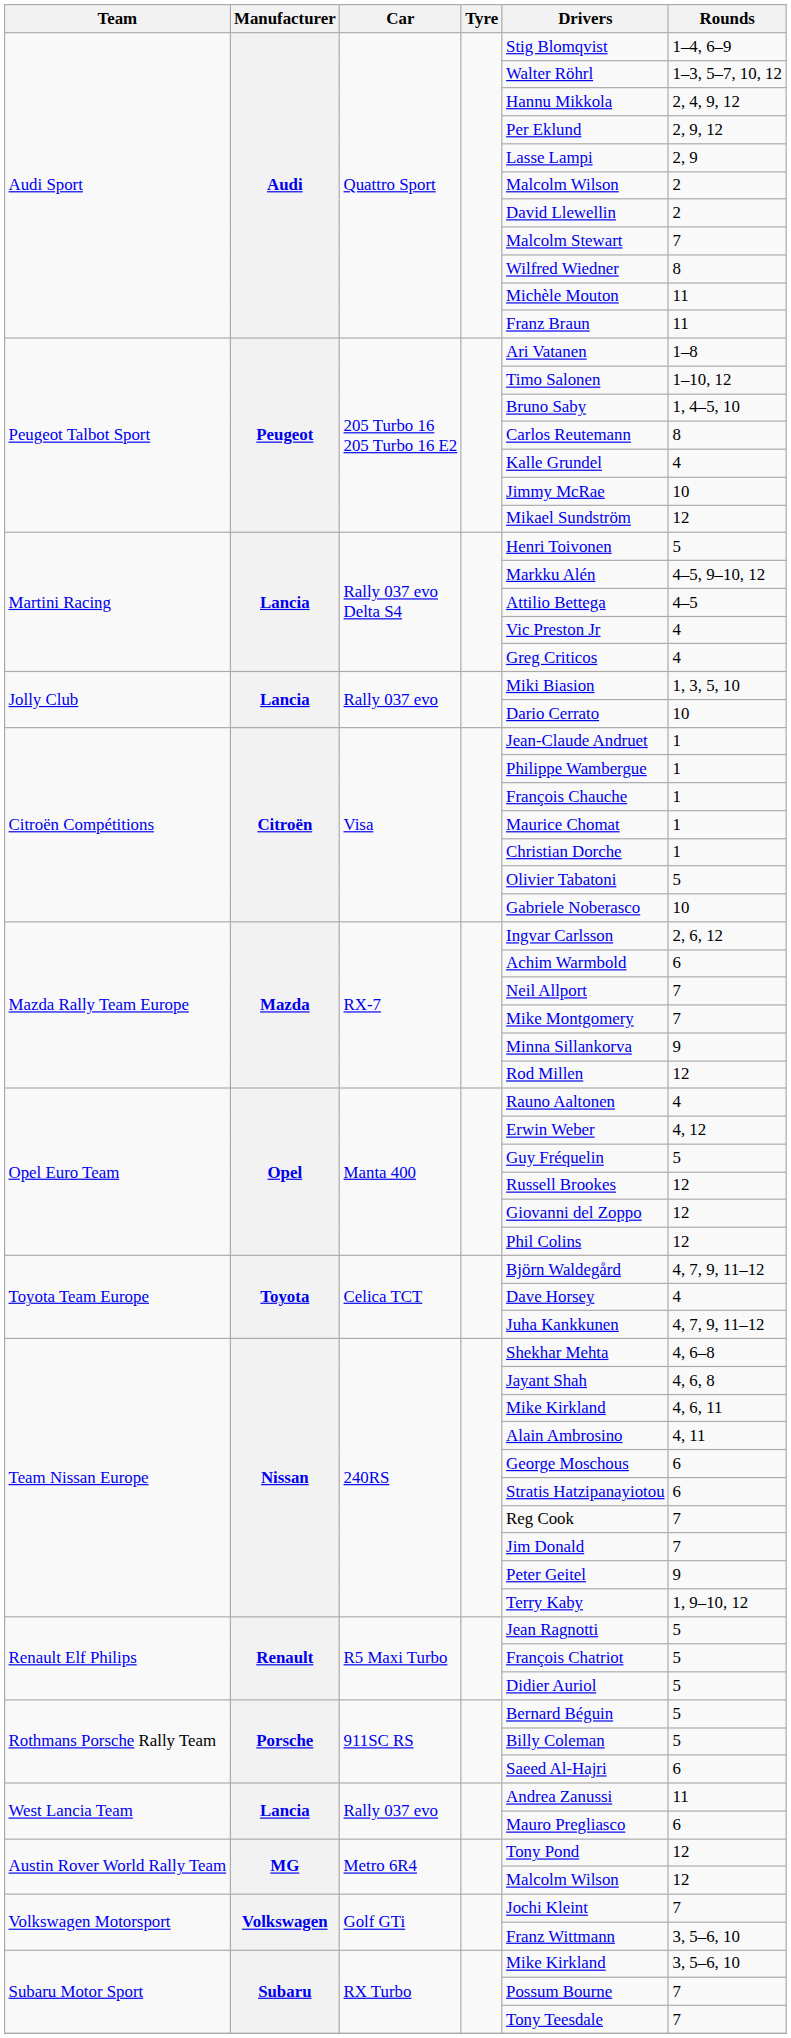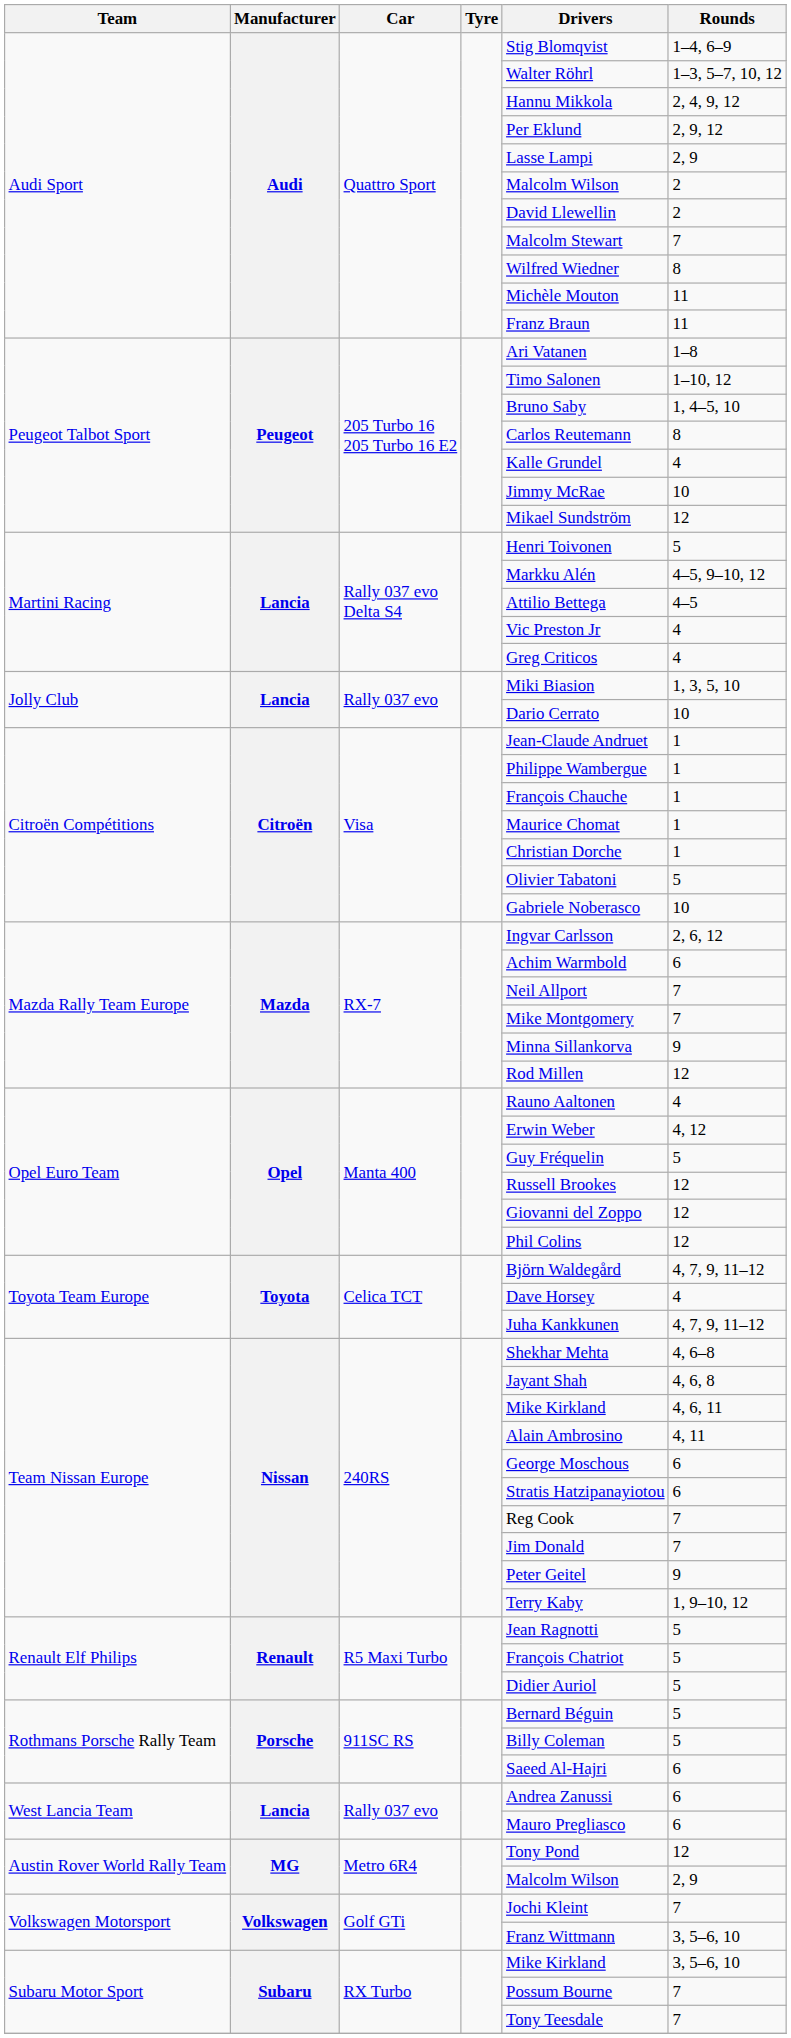 <table class="wikitable" style="font-size: 90%">
 <tr>
 <th>Team</th>
 <th>Manufacturer</th>
 <th>Car</th>
 <th>Tyre</th>
 <th>Drivers</th>
 <th>Rounds</th>
 </tr>
 <tr>
 <td rowspan="11"> <a href='#'>Audi Sport</a></td>
 <th rowspan="11"><a href='#'>Audi</a></th>
 <td rowspan="11"><a href='#'>Quattro Sport</a></td>
 <td rowspan="11" align="center"></td>
 <td> <a href='#'>Stig Blomqvist</a></td>
 <td>1–4, 6–9</td>
 </tr>
 <tr>
 <td> <a href='#'>Walter Röhrl</a></td>
 <td>1–3, 5–7, 10, 12</td>
 </tr>
 <tr>
 <td> <a href='#'>Hannu Mikkola</a></td>
 <td>2, 4, 9, 12</td>
 </tr>
 <tr>
 <td> <a href='#'>Per Eklund</a></td>
 <td>2, 9, 12</td>
 </tr>
 <tr>
 <td> <a href='#'>Lasse Lampi</a></td>
 <td>2, 9</td>
 </tr>
 <tr>
 <td> <a href='#'>Malcolm Wilson</a></td>
 <td>2</td>
 </tr>
 <tr>
 <td> <a href='#'>David Llewellin</a></td>
 <td>2</td>
 </tr>
 <tr>
 <td> <a href='#'>Malcolm Stewart</a></td>
 <td>7</td>
 </tr>
 <tr>
 <td> <a href='#'>Wilfred Wiedner</a></td>
 <td>8</td>
 </tr>
 <tr>
 <td> <a href='#'>Michèle Mouton</a></td>
 <td>11</td>
 </tr>
 <tr>
 <td> <a href='#'>Franz Braun</a></td>
 <td>11</td>
 </tr>
 <tr>
 <td rowspan="7"> <a href='#'>Peugeot Talbot Sport</a></td>
 <th rowspan="7"><a href='#'>Peugeot</a></th>
 <td rowspan="7"><a href='#'>205 Turbo 16</a><br><a href='#'>205 Turbo 16 E2</a></td>
 <td rowspan="7" align="center"></td>
 <td> <a href='#'>Ari Vatanen</a></td>
 <td>1–8</td>
 </tr>
 <tr>
 <td> <a href='#'>Timo Salonen</a></td>
 <td>1–10, 12</td>
 </tr>
 <tr>
 <td> <a href='#'>Bruno Saby</a></td>
 <td>1, 4–5, 10</td>
 </tr>
 <tr>
 <td> <a href='#'>Carlos Reutemann</a></td>
 <td>8</td>
 </tr>
 <tr>
 <td> <a href='#'>Kalle Grundel</a></td>
 <td>4</td>
 </tr>
 <tr>
 <td> <a href='#'>Jimmy McRae</a></td>
 <td>10</td>
 </tr>
 <tr>
 <td> <a href='#'>Mikael Sundström</a></td>
 <td>12</td>
 </tr>
 <tr>
 <td rowspan="5"> <a href='#'>Martini Racing</a></td>
 <th rowspan="5"><a href='#'>Lancia</a></th>
 <td rowspan="5"><a href='#'>Rally 037 evo</a><br><a href='#'>Delta S4</a></td>
 <td rowspan="5" align="center"></td>
 <td> <a href='#'>Henri Toivonen</a></td>
 <td>5</td>
 </tr>
 <tr>
 <td> <a href='#'>Markku Alén</a></td>
 <td>4–5, 9–10, 12</td>
 </tr>
 <tr>
 <td> <a href='#'>Attilio Bettega</a></td>
 <td>4–5</td>
 </tr>
 <tr>
 <td> <a href='#'>Vic Preston Jr</a></td>
 <td>4</td>
 </tr>
 <tr>
 <td> <a href='#'>Greg Criticos</a></td>
 <td>4</td>
 </tr>
 <tr>
 <td rowspan="2"> <a href='#'>Jolly Club</a></td>
 <th rowspan="2"><a href='#'>Lancia</a></th>
 <td rowspan="2"><a href='#'>Rally 037 evo</a></td>
 <td rowspan="2" align="center"></td>
 <td> <a href='#'>Miki Biasion</a></td>
 <td>1, 3, 5, 10</td>
 </tr>
 <tr>
 <td> <a href='#'>Dario Cerrato</a></td>
 <td>10</td>
 </tr>
 <tr>
 <td rowspan="7"> <a href='#'>Citroën Compétitions</a></td>
 <th rowspan="7"><a href='#'>Citroën</a></th>
 <td rowspan="7"><a href='#'>Visa</a></td>
 <td rowspan="7" align="center"></td>
 <td> <a href='#'>Jean-Claude Andruet</a></td>
 <td>1</td>
 </tr>
 <tr>
 <td> <a href='#'>Philippe Wambergue</a></td>
 <td>1</td>
 </tr>
 <tr>
 <td> <a href='#'>François Chauche</a></td>
 <td>1</td>
 </tr>
 <tr>
 <td> <a href='#'>Maurice Chomat</a></td>
 <td>1</td>
 </tr>
 <tr>
 <td> <a href='#'>Christian Dorche</a></td>
 <td>1</td>
 </tr>
 <tr>
 <td> <a href='#'>Olivier Tabatoni</a></td>
 <td>5</td>
 </tr>
 <tr>
 <td> <a href='#'>Gabriele Noberasco</a></td>
 <td>10</td>
 </tr>
 <tr>
 <td rowspan="6"> <a href='#'>Mazda Rally Team Europe</a></td>
 <th rowspan="6"><a href='#'>Mazda</a></th>
 <td rowspan="6"><a href='#'>RX-7</a></td>
 <td rowspan="6" align="center"></td>
 <td> <a href='#'>Ingvar Carlsson</a></td>
 <td>2, 6, 12</td>
 </tr>
 <tr>
 <td> <a href='#'>Achim Warmbold</a></td>
 <td>6</td>
 </tr>
 <tr>
 <td> <a href='#'>Neil Allport</a></td>
 <td>7</td>
 </tr>
 <tr>
 <td> <a href='#'>Mike Montgomery</a></td>
 <td>7</td>
 </tr>
 <tr>
 <td> <a href='#'>Minna Sillankorva</a></td>
 <td>9</td>
 </tr>
 <tr>
 <td> <a href='#'>Rod Millen</a></td>
 <td>12</td>
 </tr>
 <tr>
 <td rowspan="6"> <a href='#'>Opel Euro Team</a></td>
 <th rowspan="6"><a href='#'>Opel</a></th>
 <td rowspan="6"><a href='#'>Manta 400</a></td>
 <td rowspan="6" align="center"></td>
 <td> <a href='#'>Rauno Aaltonen</a></td>
 <td>4</td>
 </tr>
 <tr>
 <td> <a href='#'>Erwin Weber</a></td>
 <td>4, 12</td>
 </tr>
 <tr>
 <td> <a href='#'>Guy Fréquelin</a></td>
 <td>5</td>
 </tr>
 <tr>
 <td> <a href='#'>Russell Brookes</a></td>
 <td>12</td>
 </tr>
 <tr>
 <td> <a href='#'>Giovanni del Zoppo</a></td>
 <td>12</td>
 </tr>
 <tr>
 <td> <a href='#'>Phil Colins</a></td>
 <td>12</td>
 </tr>
 <tr>
 <td rowspan="3"> <a href='#'>Toyota Team Europe</a></td>
 <th rowspan="3"><a href='#'>Toyota</a></th>
 <td rowspan="3"><a href='#'>Celica TCT</a></td>
 <td rowspan="3" align="center"></td>
 <td> <a href='#'>Björn Waldegård</a></td>
 <td>4, 7, 9, 11–12</td>
 </tr>
 <tr>
 <td> <a href='#'>Dave Horsey</a></td>
 <td>4</td>
 </tr>
 <tr>
 <td> <a href='#'>Juha Kankkunen</a></td>
 <td>4, 7, 9, 11–12</td>
 </tr>
 <tr>
 <td rowspan="10"> <a href='#'>Team Nissan Europe</a></td>
 <th rowspan="10"><a href='#'>Nissan</a></th>
 <td rowspan="10"><a href='#'>240RS</a></td>
 <td rowspan="10" align="center"></td>
 <td> <a href='#'>Shekhar Mehta</a></td>
 <td>4, 6–8</td>
 </tr>
 <tr>
 <td> <a href='#'>Jayant Shah</a></td>
 <td>4, 6, 8</td>
 </tr>
 <tr>
 <td> <a href='#'>Mike Kirkland</a></td>
 <td>4, 6, 11</td>
 </tr>
 <tr>
 <td> <a href='#'>Alain Ambrosino</a></td>
 <td>4, 11</td>
 </tr>
 <tr>
 <td> <a href='#'>George Moschous</a></td>
 <td>6</td>
 </tr>
 <tr>
 <td> <a href='#'>Stratis Hatzipanayiotou</a></td>
 <td>6</td>
 </tr>
 <tr>
 <td> Reg Cook</td>
 <td>7</td>
 </tr>
 <tr>
 <td> <a href='#'>Jim Donald</a></td>
 <td>7</td>
 </tr>
 <tr>
 <td> <a href='#'>Peter Geitel</a></td>
 <td>9</td>
 </tr>
 <tr>
 <td> <a href='#'>Terry Kaby</a></td>
 <td>1, 9–10, 12</td>
 </tr>
 <tr>
 <td rowspan="3"> <a href='#'>Renault Elf Philips</a></td>
 <th rowspan="3"><a href='#'>Renault</a></th>
 <td rowspan="3"><a href='#'>R5 Maxi Turbo</a></td>
 <td rowspan="3" align="center"></td>
 <td> <a href='#'>Jean Ragnotti</a></td>
 <td>5</td>
 </tr>
 <tr>
 <td> <a href='#'>François Chatriot</a></td>
 <td>5</td>
 </tr>
 <tr>
 <td> <a href='#'>Didier Auriol</a></td>
 <td>5</td>
 </tr>
 <tr>
 <td rowspan="3"> <a href='#'>Rothmans Porsche</a> Rally Team</td>
 <th rowspan="3"><a href='#'>Porsche</a></th>
 <td rowspan="3"><a href='#'>911SC RS</a></td>
 <td rowspan="3" align="center"></td>
 <td> <a href='#'>Bernard Béguin</a></td>
 <td>5</td>
 </tr>
 <tr>
 <td> <a href='#'>Billy Coleman</a></td>
 <td>5</td>
 </tr>
 <tr>
 <td> <a href='#'>Saeed Al-Hajri</a></td>
 <td>6</td>
 </tr>
 <tr>
 <td rowspan="2"> <a href='#'>West Lancia Team</a></td>
 <th rowspan="2"><a href='#'>Lancia</a></th>
 <td rowspan="2"><a href='#'>Rally 037 evo</a></td>
 <td rowspan="2" align="center"></td>
 <td> <a href='#'>Andrea Zanussi</a></td>
-<td>11</td>
+<td>6</td>
 </tr>
 <tr>
 <td> <a href='#'>Mauro Pregliasco</a></td>
 <td>6</td>
 </tr>
 <tr>
 <td rowspan="2"> <a href='#'>Austin Rover World Rally Team</a></td>
 <th rowspan="2"><a href='#'>MG</a></th>
 <td rowspan="2"><a href='#'>Metro 6R4</a></td>
 <td rowspan="2" align="center"></td>
 <td> <a href='#'>Tony Pond</a></td>
 <td>12</td>
 </tr>
 <tr>
 <td> <a href='#'>Malcolm Wilson</a></td>
-<td>12</td>
+<td>2, 9</td>
 </tr>
 <tr>
 <td rowspan="2"> <a href='#'>Volkswagen Motorsport</a></td>
 <th rowspan="2"><a href='#'>Volkswagen</a></th>
 <td rowspan="2"><a href='#'>Golf GTi</a></td>
 <td rowspan="2" align="center"></td>
 <td> <a href='#'>Jochi Kleint</a></td>
 <td>7</td>
 </tr>
 <tr>
 <td> <a href='#'>Franz Wittmann</a></td>
 <td>3, 5–6, 10</td>
 </tr>
 <tr>
 <td rowspan="3"> <a href='#'>Subaru Motor Sport</a></td>
 <th rowspan="3"><a href='#'>Subaru</a></th>
 <td rowspan="3"><a href='#'>RX Turbo</a></td>
 <td rowspan="3" align="center"></td>
 <td> <a href='#'>Mike Kirkland</a></td>
 <td>3, 5–6, 10</td>
 </tr>
 <tr>
 <td> <a href='#'>Possum Bourne</a></td>
 <td>7</td>
 </tr>
 <tr>
 <td> <a href='#'>Tony Teesdale</a></td>
 <td>7</td>
 </tr>
 <tr>
 </tr>
 </table>
